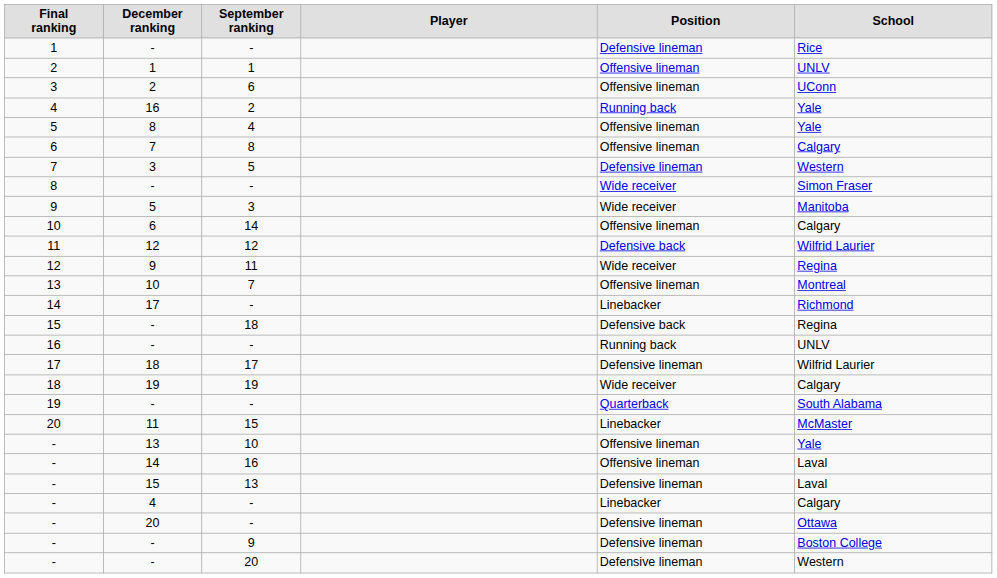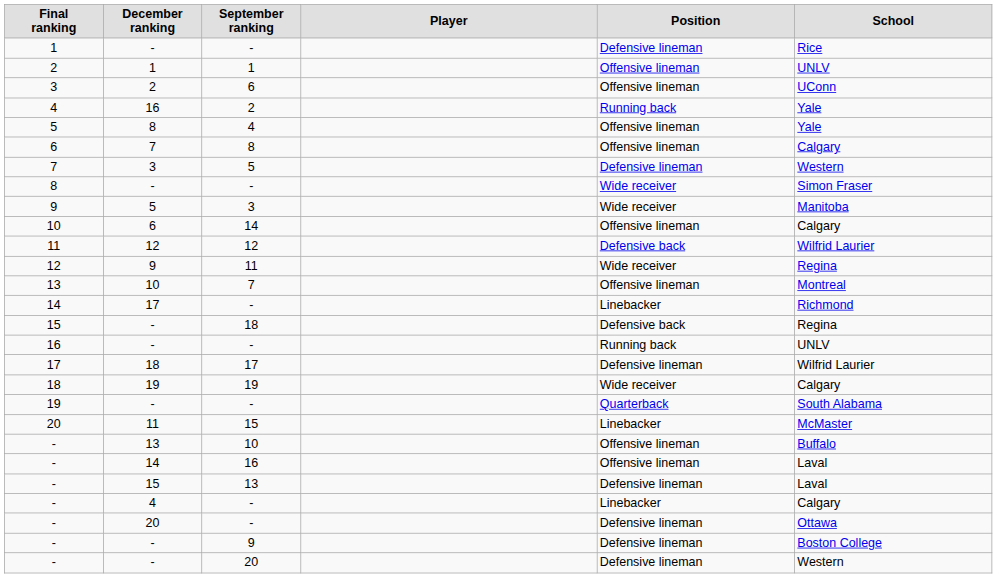 <table class="wikitable sortable" width="80%">
 <tr>
 <th style="background:#e0e0e0; width:10%;">Final<br>ranking</th>
 <th style="background:#e0e0e0; width:10%;">December<br>ranking</th>
 <th style="background:#e0e0e0; width:10%;">September<br>ranking</th>
 <th style="background:#e0e0e0; width:30%;">Player</th>
 <th style="background:#e0e0e0; width:20%;">Position</th>
 <th style="background:#e0e0e0; width:20%;">School</th>
 </tr>
 <tr>
 <td style="text-align:center;">1</td>
 <td style="text-align:center;">-</td>
 <td style="text-align:center;">-</td>
 <td></td>
 <td><a href='#'>Defensive lineman</a></td>
 <td><a href='#'>Rice</a></td>
 </tr>
 <tr>
 <td style="text-align:center;">2</td>
 <td style="text-align:center;">1</td>
 <td style="text-align:center;">1</td>
 <td></td>
 <td><a href='#'>Offensive lineman</a></td>
 <td><a href='#'>UNLV</a></td>
 </tr>
 <tr>
 <td style="text-align:center;">3</td>
 <td style="text-align:center;">2</td>
 <td style="text-align:center;">6</td>
 <td></td>
 <td>Offensive lineman</td>
 <td><a href='#'>UConn</a></td>
 </tr>
 <tr>
 <td style="text-align:center;">4</td>
 <td style="text-align:center;">16</td>
 <td style="text-align:center;">2</td>
 <td></td>
 <td><a href='#'>Running back</a></td>
 <td><a href='#'>Yale</a></td>
 </tr>
 <tr>
 <td style="text-align:center;">5</td>
 <td style="text-align:center;">8</td>
 <td style="text-align:center;">4</td>
 <td></td>
 <td>Offensive lineman</td>
 <td><a href='#'>Yale</a></td>
 </tr>
 <tr>
 <td style="text-align:center;">6</td>
 <td style="text-align:center;">7</td>
 <td style="text-align:center;">8</td>
 <td></td>
 <td>Offensive lineman</td>
 <td><a href='#'>Calgary</a></td>
 </tr>
 <tr>
 <td style="text-align:center;">7</td>
 <td style="text-align:center;">3</td>
 <td style="text-align:center;">5</td>
 <td></td>
 <td><a href='#'>Defensive lineman</a></td>
 <td><a href='#'>Western</a></td>
 </tr>
 <tr>
 <td style="text-align:center;">8</td>
 <td style="text-align:center;">-</td>
 <td style="text-align:center;">-</td>
 <td></td>
 <td><a href='#'>Wide receiver</a></td>
 <td><a href='#'>Simon Fraser</a></td>
 </tr>
 <tr>
 <td style="text-align:center;">9</td>
 <td style="text-align:center;">5</td>
 <td style="text-align:center;">3</td>
 <td></td>
 <td>Wide receiver</td>
 <td><a href='#'>Manitoba</a></td>
 </tr>
 <tr>
 <td style="text-align:center;">10</td>
 <td style="text-align:center;">6</td>
 <td style="text-align:center;">14</td>
 <td></td>
 <td>Offensive lineman</td>
 <td>Calgary</td>
 </tr>
 <tr>
 <td style="text-align:center;">11</td>
 <td style="text-align:center;">12</td>
 <td style="text-align:center;">12</td>
 <td></td>
 <td><a href='#'>Defensive back</a></td>
 <td><a href='#'>Wilfrid Laurier</a></td>
 </tr>
 <tr>
 <td style="text-align:center;">12</td>
 <td style="text-align:center;">9</td>
 <td style="text-align:center;">11</td>
 <td></td>
 <td>Wide receiver</td>
 <td><a href='#'>Regina</a></td>
 </tr>
 <tr>
 <td style="text-align:center;">13</td>
 <td style="text-align:center;">10</td>
 <td style="text-align:center;">7</td>
 <td></td>
 <td>Offensive lineman</td>
 <td><a href='#'>Montreal</a></td>
 </tr>
 <tr>
 <td style="text-align:center;">14</td>
 <td style="text-align:center;">17</td>
 <td style="text-align:center;">-</td>
 <td></td>
 <td>Linebacker</td>
 <td><a href='#'>Richmond</a></td>
 </tr>
 <tr>
 <td style="text-align:center;">15</td>
 <td style="text-align:center;">-</td>
 <td style="text-align:center;">18</td>
 <td></td>
 <td>Defensive back</td>
 <td>Regina</td>
 </tr>
 <tr>
 <td style="text-align:center;">16</td>
 <td style="text-align:center;">-</td>
 <td style="text-align:center;">-</td>
 <td></td>
 <td>Running back</td>
 <td>UNLV</td>
 </tr>
 <tr>
 <td style="text-align:center;">17</td>
 <td style="text-align:center;">18</td>
 <td style="text-align:center;">17</td>
 <td></td>
 <td>Defensive lineman</td>
 <td>Wilfrid Laurier</td>
 </tr>
 <tr>
 <td style="text-align:center;">18</td>
 <td style="text-align:center;">19</td>
 <td style="text-align:center;">19</td>
 <td></td>
 <td>Wide receiver</td>
 <td>Calgary</td>
 </tr>
 <tr>
 <td style="text-align:center;">19</td>
 <td style="text-align:center;">-</td>
 <td style="text-align:center;">-</td>
 <td></td>
 <td><a href='#'>Quarterback</a></td>
 <td><a href='#'>South Alabama</a></td>
 </tr>
 <tr>
 <td style="text-align:center;">20</td>
 <td style="text-align:center;">11</td>
 <td style="text-align:center;">15</td>
 <td></td>
 <td>Linebacker</td>
 <td><a href='#'>McMaster</a></td>
 </tr>
 <tr>
 <td style="text-align:center;">-</td>
 <td style="text-align:center;">13</td>
 <td style="text-align:center;">10</td>
 <td></td>
 <td>Offensive lineman</td>
-<td><a href='#'>Yale</a></td>
+<td><a href='#'>Buffalo</a></td>
 </tr>
 <tr>
 <td style="text-align:center;">-</td>
 <td style="text-align:center;">14</td>
 <td style="text-align:center;">16</td>
 <td></td>
 <td>Offensive lineman</td>
 <td>Laval</td>
 </tr>
 <tr>
 <td style="text-align:center;">-</td>
 <td style="text-align:center;">15</td>
 <td style="text-align:center;">13</td>
 <td></td>
 <td>Defensive lineman</td>
 <td>Laval</td>
 </tr>
 <tr>
 <td style="text-align:center;">-</td>
 <td style="text-align:center;">4</td>
 <td style="text-align:center;">-</td>
 <td></td>
 <td>Linebacker</td>
 <td>Calgary</td>
 </tr>
 <tr>
 <td style="text-align:center;">-</td>
 <td style="text-align:center;">20</td>
 <td style="text-align:center;">-</td>
 <td></td>
 <td>Defensive lineman</td>
 <td><a href='#'>Ottawa</a></td>
 </tr>
 <tr>
 <td style="text-align:center;">-</td>
 <td style="text-align:center;">-</td>
 <td style="text-align:center;">9</td>
 <td></td>
 <td>Defensive lineman</td>
 <td><a href='#'>Boston College</a></td>
 </tr>
 <tr>
 <td style="text-align:center;">-</td>
 <td style="text-align:center;">-</td>
 <td style="text-align:center;">20</td>
 <td></td>
 <td>Defensive lineman</td>
 <td>Western</td>
 </tr>
 </table>
